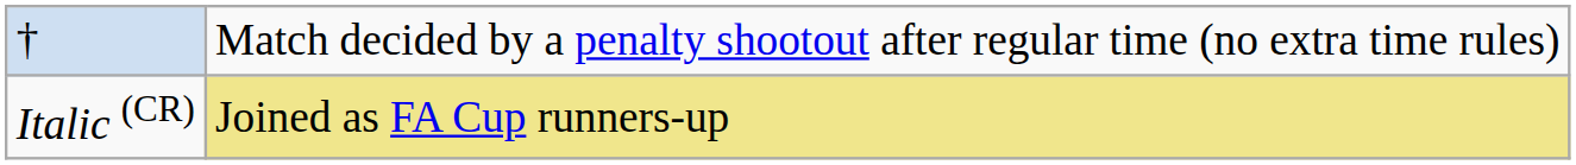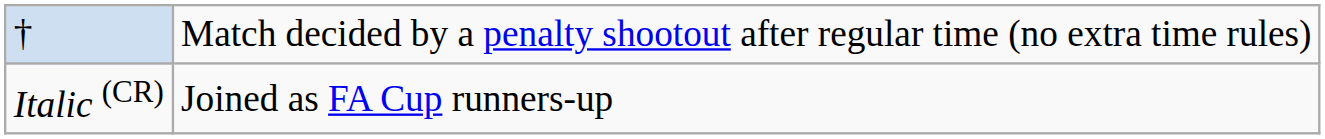 <table class="wikitable">
 <tr>
 <td style="background:#cedff2;">†</td>
 <td>Match decided by a <a href='#'>penalty shootout</a> after regular time (no extra time rules)</td>
 </tr>
 <tr>
 <td align=center><div></div> <em>Italic</em> <sup>(CR)</sup></td>
-<td style="background: khaki;">Joined as <a href='#'>FA Cup</a> runners-up</td>
+<td>Joined as <a href='#'>FA Cup</a> runners-up</td>
 </tr>
 </table>
